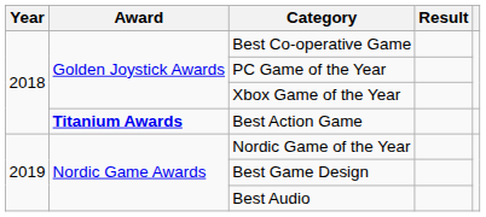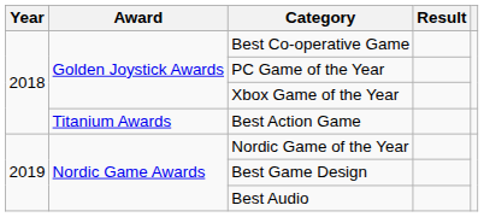 <table class="wikitable sortable">
 <tr>
 <th>Year</th>
 <th>Award</th>
 <th>Category</th>
 <th>Result</th>
 <th></th>
 </tr>
 <tr>
 <td style="text-align:center;" rowspan="4">2018</td>
 <td rowspan="3"><a href='#'>Golden Joystick Awards</a></td>
 <td>Best Co-operative Game</td>
 <td></td>
 <td rowspan="3" style="text-align:center;"></td>
 </tr>
 <tr>
 <td>PC Game of the Year</td>
 <td></td>
 </tr>
 <tr>
 <td>Xbox Game of the Year</td>
 <td></td>
 </tr>
 <tr>
-<td><strong><a href='#'>Titanium Awards</a></strong></td>
+<td><a href='#'>Titanium Awards</a></td>
 <td>Best Action Game</td>
 <td></td>
 <td style="text-align:center;"></td>
 </tr>
 <tr>
 <td style="text-align:center;" rowspan="3">2019</td>
 <td rowspan="3"><a href='#'>Nordic Game Awards</a></td>
 <td>Nordic Game of the Year</td>
 <td></td>
 <td rowspan="3" style="text-align:center;"></td>
 </tr>
 <tr>
 <td>Best Game Design</td>
 <td></td>
 </tr>
 <tr>
 <td>Best Audio</td>
 <td></td>
 </tr>
 </table>
